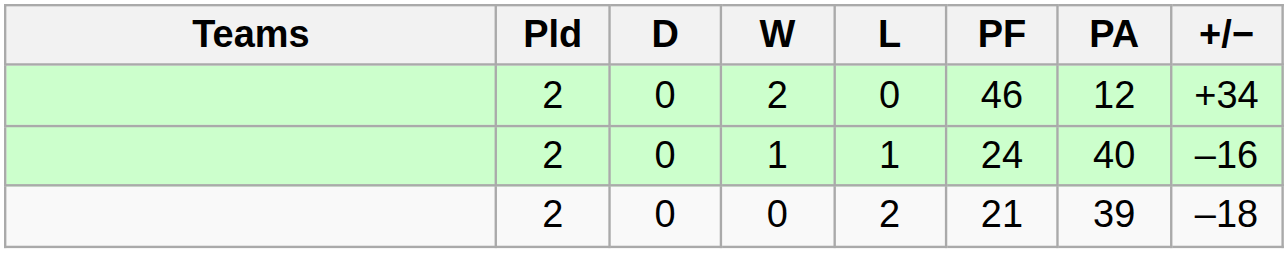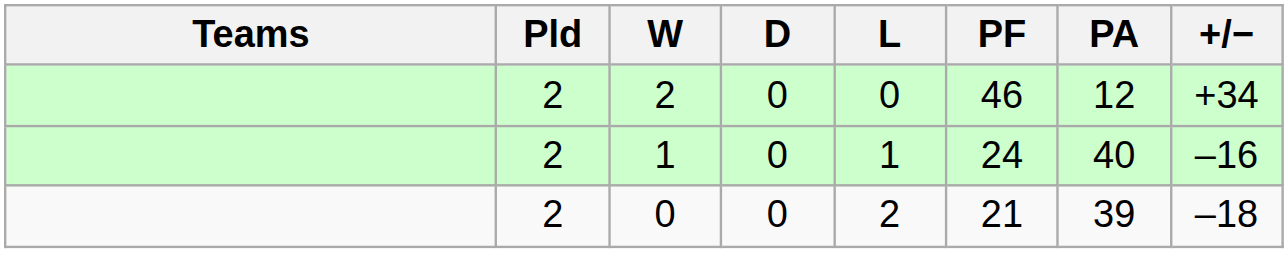 <table class="wikitable" style="text-align: center;">
 <tr>
 <th width="200">Teams</th>
 <th width="40">Pld</th>
+<th width="40">W</th>
 <th width="40">D</th>
-<th width="40">W</th>
 <th width="40">L</th>
 <th width="40">PF</th>
 <th width="40">PA</th>
 <th width="40">+/−</th>
 </tr>
 <tr bgcolor="ccffcc">
 <td align="left"></td>
 <td>2</td>
+<td>2</td>
 <td>0</td>
-<td>2</td>
 <td>0</td>
 <td>46</td>
 <td>12</td>
 <td>+34</td>
 </tr>
 <tr bgcolor="ccffcc">
 <td align="left"></td>
 <td>2</td>
+<td>1</td>
 <td>0</td>
-<td>1</td>
 <td>1</td>
 <td>24</td>
 <td>40</td>
 <td>–16</td>
 </tr>
 <tr>
 <td align="left"></td>
 <td>2</td>
 <td>0</td>
 <td>0</td>
 <td>2</td>
 <td>21</td>
 <td>39</td>
 <td>–18</td>
 </tr>
 </table>
